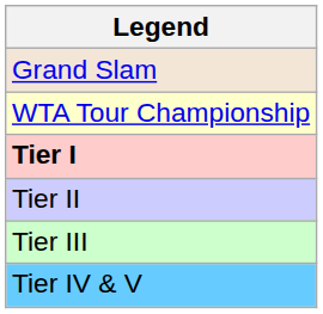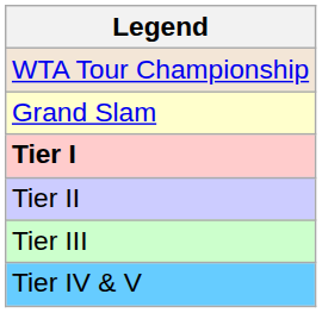 <table class="wikitable sortable mw-collapsible mw-collapsed">
 <tr style="background:#eeeeee;">
 <th>Legend</th>
 </tr>
 <tr style="background:#f3e6d7;">
-<td><a href='#'>Grand Slam</a></td>
+<td><a href='#'>WTA Tour Championship</a></td>
 </tr>
 <tr style="background:#ffc;">
-<td><a href='#'>WTA Tour Championship</a></td>
+<td><a href='#'>Grand Slam</a></td>
 </tr>
 <tr style="background:#fcc;">
 <td><strong>Tier I</strong></td>
 </tr>
 <tr style="background:#ccf;">
 <td>Tier II</td>
 </tr>
 <tr style="background:#cfc;">
 <td>Tier III</td>
 </tr>
 <tr style="background:#6cf;">
 <td>Tier IV & V</td>
 </tr>
 </table>
